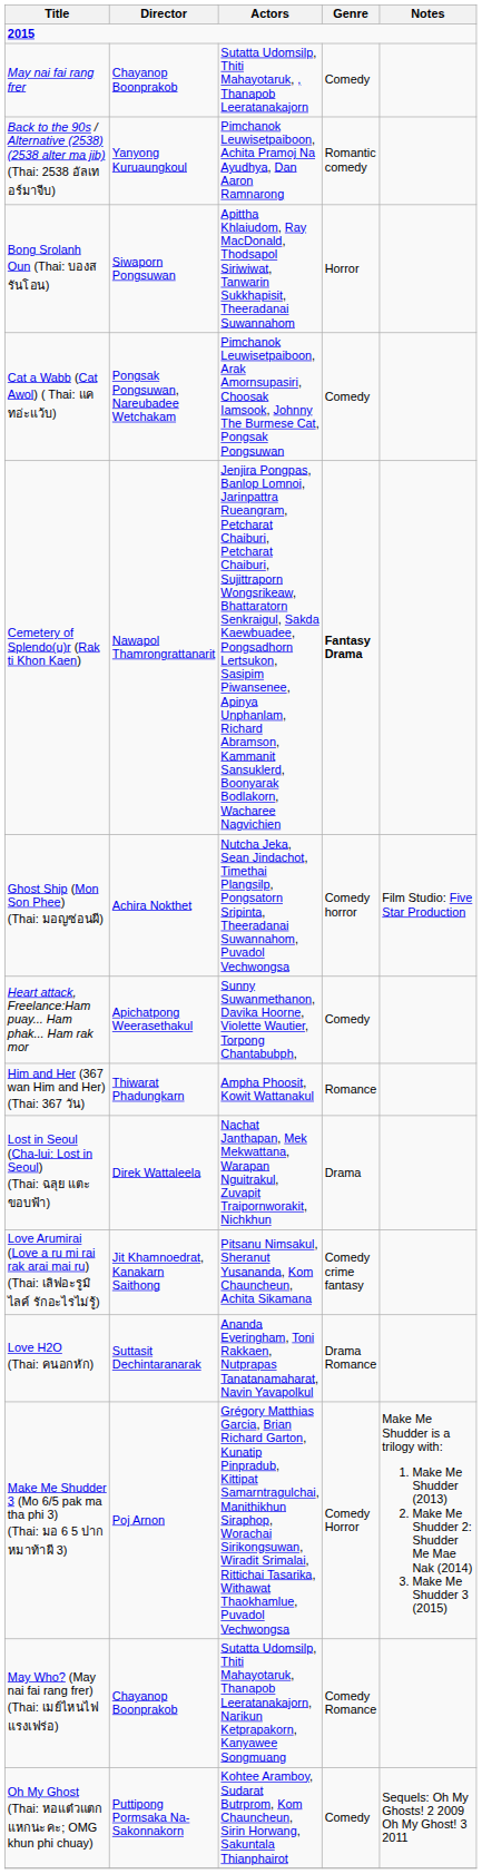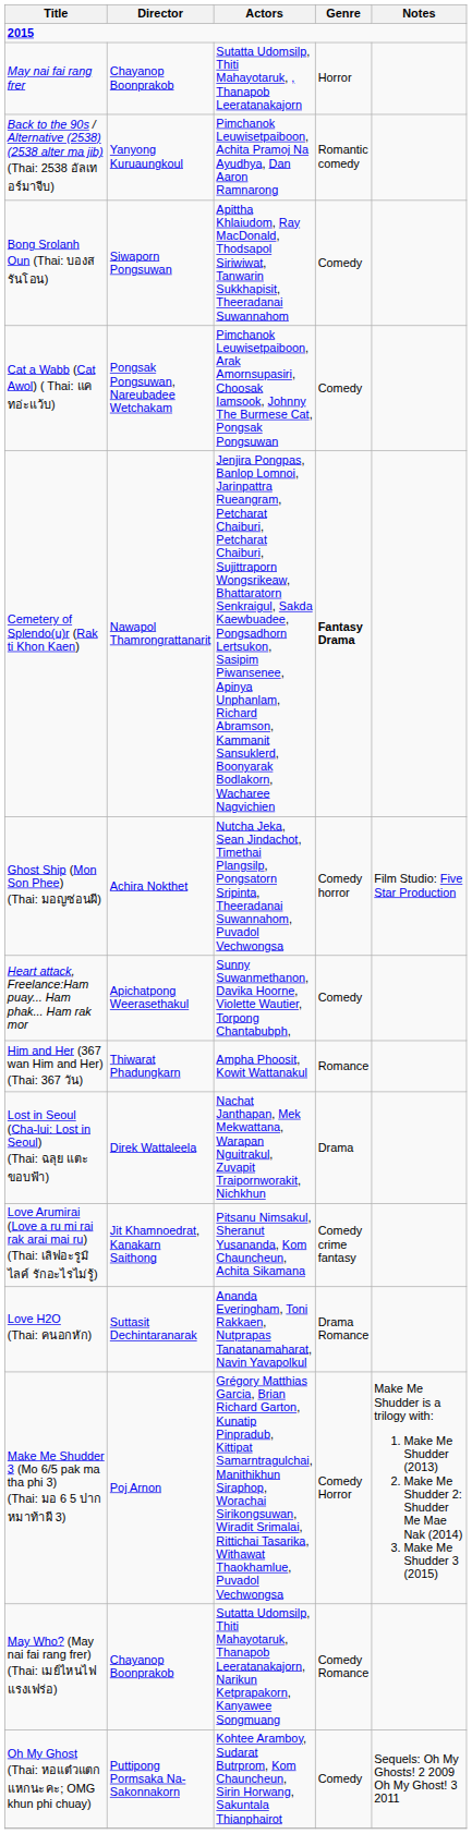 <table class="wikitable sortable" style="width:100%;">
 <tr>
 <th style="width:30%;">Title</th>
 <th style="width:14%;">Director</th>
 <th style="width:18%;">Actors</th>
 <th style="width:10%;">Genre</th>
 <th style="width:28%;">Notes</th>
 </tr>
 <tr>
 <td colspan="6" ><strong><a href='#'>2015</a></strong></td>
 </tr>
 <tr>
 <td><em><a href='#'>May nai fai rang frer</a></em></td>
 <td><a href='#'>Chayanop Boonprakob</a></td>
 <td><a href='#'>Sutatta Udomsilp</a>, <a href='#'>Thiti Mahayotaruk</a>, <a href='#'>, Thanapob Leeratanakajorn</a></td>
-<td>Comedy</td>
+<td>Horror</td>
 <td></td>
 </tr>
 <tr>
 <td><em><a href='#'>Back to the 90s</a> / <a href='#'>Alternative (2538)</a> <a href='#'>(2538 alter ma jib)</a></em><br>(Thai: 2538 อัลเทอร์มาจีบ)</td>
 <td><a href='#'>Yanyong Kuruaungkoul</a></td>
 <td><a href='#'>Pimchanok Leuwisetpaiboon</a>, <a href='#'>Achita Pramoj Na Ayudhya</a>, <a href='#'>Dan Aaron Ramnarong</a></td>
 <td>Romantic comedy</td>
 <td></td>
 </tr>
 <tr>
 <td><a href='#'>Bong Srolanh Oun</a> (Thai: บองสรันโอน)</td>
 <td><a href='#'>Siwaporn Pongsuwan</a></td>
 <td><a href='#'>Apittha Khlaiudom</a>, <a href='#'>Ray MacDonald</a>, <a href='#'>Thodsapol Siriwiwat</a>, <a href='#'>Tanwarin Sukkhapisit</a>, <a href='#'>Theeradanai Suwannahom</a></td>
-<td>Horror</td>
+<td>Comedy</td>
 <td></td>
 </tr>
 <tr>
 <td><a href='#'>Cat a Wabb</a> (<a href='#'>Cat Awol</a>) ( Thai:  แคทอ่ะแว้บ)</td>
 <td><a href='#'>Pongsak Pongsuwan</a>, <a href='#'>Nareubadee Wetchakam</a></td>
 <td><a href='#'>Pimchanok Leuwisetpaiboon</a>, <a href='#'>Arak Amornsupasiri</a>, <a href='#'>Choosak Iamsook</a>, <a href='#'>Johnny The Burmese Cat</a>, <a href='#'>Pongsak Pongsuwan</a></td>
 <td>Comedy</td>
 <td></td>
 </tr>
 <tr>
 <td><a href='#'>Cemetery of Splendo(u)r</a> (<a href='#'>Rak ti Khon Kaen</a>)</td>
 <td><a href='#'>Nawapol Thamrongrattanarit</a></td>
 <td><a href='#'>Jenjira Pongpas</a>, <a href='#'>Banlop Lomnoi</a>, <a href='#'>Jarinpattra Rueangram</a>, <a href='#'>Petcharat Chaiburi</a>, <a href='#'>Petcharat Chaiburi</a>, <a href='#'>Sujittraporn Wongsrikeaw</a>, <a href='#'>Bhattaratorn Senkraigul</a>, <a href='#'>Sakda Kaewbuadee</a>, <a href='#'>Pongsadhorn Lertsukon</a>, <a href='#'>Sasipim Piwansenee</a>, <a href='#'>Apinya Unphanlam</a>, <a href='#'>Richard Abramson</a>, <a href='#'>Kammanit Sansuklerd</a>, <a href='#'>Boonyarak Bodlakorn</a>, <a href='#'>Wacharee Nagvichien</a></td>
 <td><strong>Fantasy Drama</strong></td>
 <td></td>
 </tr>
 <tr>
 <td><a href='#'>Ghost Ship</a> (<a href='#'>Mon Son Phee</a>)<br>(Thai: มอญซ่อนผี)</td>
 <td><a href='#'>Achira Nokthet</a></td>
 <td><a href='#'>Nutcha Jeka</a>, <a href='#'>Sean Jindachot</a>, <a href='#'>Timethai Plangsilp</a>, <a href='#'>Pongsatorn Sripinta</a>, <a href='#'>Theeradanai Suwannahom</a>, <a href='#'>Puvadol Vechwongsa</a></td>
 <td>Comedy horror</td>
 <td>Film Studio: <a href='#'>Five Star Production</a></td>
 </tr>
 <tr>
 <td><em><a href='#'>Heart attack</a>, Freelance:Ham puay... Ham phak... Ham rak mor</em></td>
 <td><a href='#'>Apichatpong Weerasethakul</a></td>
 <td><a href='#'>Sunny Suwanmethanon</a>, <a href='#'>Davika Hoorne</a>, <a href='#'>Violette Wautier</a>, <a href='#'>Torpong Chantabubph</a>,</td>
 <td>Comedy</td>
 <td></td>
 </tr>
 <tr>
 <td><a href='#'>Him and Her</a> (367 wan Him and Her)<br>(Thai: 367 วัน)</td>
 <td><a href='#'>Thiwarat Phadungkarn</a></td>
 <td><a href='#'>Ampha Phoosit</a>, <a href='#'>Kowit Wattanakul</a></td>
 <td>Romance</td>
 <td></td>
 </tr>
 <tr>
 <td><a href='#'>Lost in Seoul</a> (<a href='#'>Cha-lui: Lost in Seoul</a>)<br>(Thai: ฉลุย แตะขอบฟ้า)</td>
 <td><a href='#'>Direk Wattaleela</a></td>
 <td><a href='#'>Nachat Janthapan</a>, <a href='#'>Mek Mekwattana</a>, <a href='#'>Warapan Nguitrakul</a>, <a href='#'>Zuvapit Traipornworakit</a>, <a href='#'>Nichkhun</a></td>
 <td>Drama</td>
 <td></td>
 </tr>
 <tr>
 <td><a href='#'>Love Arumirai</a> (<a href='#'>Love a ru mi rai rak arai mai ru</a>)<br>(Thai: เลิฟอะรูมิไลค์ รักอะไรไม่รู้)</td>
 <td><a href='#'>Jit Khamnoedrat</a>, <a href='#'>Kanakarn Saithong</a></td>
 <td><a href='#'>Pitsanu Nimsakul</a>, <a href='#'>Sheranut Yusananda</a>, <a href='#'>Kom Chauncheun</a>, <a href='#'>Achita Sikamana</a></td>
 <td>Comedy crime fantasy</td>
 <td></td>
 </tr>
 <tr>
 <td><a href='#'>Love H2O</a><br>(Thai: คนอกหัก)</td>
 <td><a href='#'>Suttasit Dechintaranarak</a></td>
 <td><a href='#'>Ananda Everingham</a>, <a href='#'>Toni Rakkaen</a>, <a href='#'>Nutprapas Tanatanamaharat</a>, <a href='#'>Navin Yavapolkul</a></td>
 <td>Drama Romance</td>
 <td></td>
 </tr>
 <tr>
 <td><a href='#'>Make Me Shudder 3</a> (Mo 6/5 pak ma tha phi 3)<br>(Thai: มอ 6 5 ปากหมาท้าผี 3)</td>
 <td><a href='#'>Poj Arnon</a></td>
 <td><a href='#'>Grégory Matthias Garcia</a>, <a href='#'>Brian Richard Garton</a>, <a href='#'>Kunatip Pinpradub</a>, <a href='#'>Kittipat Samarntragulchai</a>, <a href='#'>Manithikhun Siraphop</a>, <a href='#'>Worachai Sirikongsuwan</a>, <a href='#'>Wiradit Srimalai</a>, <a href='#'>Rittichai Tasarika</a>, <a href='#'>Withawat Thaokhamlue</a>, <a href='#'>Puvadol Vechwongsa</a></td>
 <td>Comedy Horror</td>
 <td>Make Me Shudder is a trilogy with:<br><ol><li>Make Me Shudder (2013)</li><li>Make Me Shudder 2: Shudder Me Mae Nak (2014)</li><li>Make Me Shudder 3 (2015)</li></ol></td>
 </tr>
 <tr>
 <td><a href='#'>May Who?</a> (May nai fai rang frer)<br>(Thai: เมย์ไหนไฟแรงเฟร่อ)</td>
 <td><a href='#'>Chayanop Boonprakob</a></td>
 <td><a href='#'>Sutatta Udomsilp</a>, <a href='#'>Thiti Mahayotaruk</a>, <a href='#'>Thanapob Leeratanakajorn</a>, <a href='#'>Narikun Ketprapakorn</a>, <a href='#'>Kanyawee Songmuang</a></td>
 <td>Comedy Romance</td>
 <td></td>
 </tr>
 <tr>
 <td><a href='#'>Oh My Ghost</a> (Thai: หอแต๋วแตกแหกนะคะ; OMG khun phi chuay)</td>
 <td><a href='#'>Puttipong Pormsaka Na-Sakonnakorn</a></td>
 <td><a href='#'>Kohtee Aramboy</a>, <a href='#'>Sudarat Butrprom</a>, <a href='#'>Kom Chauncheun</a>, <a href='#'>Sirin Horwang</a>, <a href='#'>Sakuntala Thianphairot</a></td>
 <td>Comedy</td>
 <td>Sequels: Oh My Ghosts! 2 2009<br>Oh My Ghost! 3 2011</td>
 </tr>
 <tr>
 </tr>
 </table>
